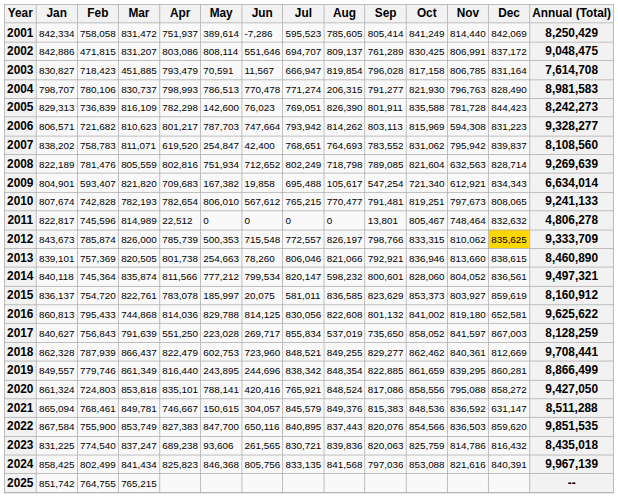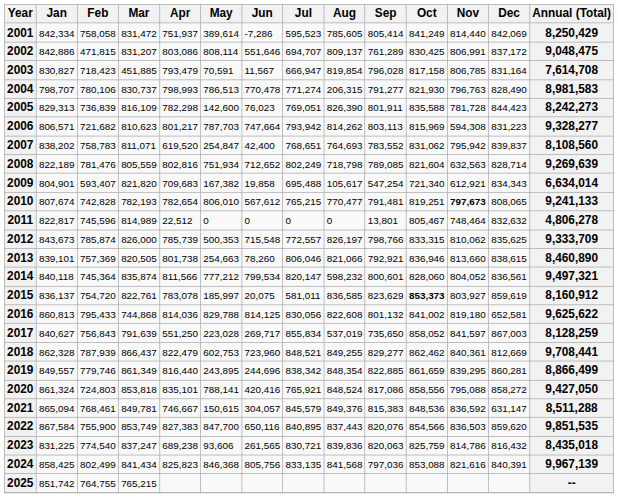 <table class="wikitable">
 <tr>
 <th>Year</th>
 <th>Jan</th>
 <th>Feb</th>
 <th>Mar</th>
 <th>Apr</th>
 <th>May</th>
 <th>Jun</th>
 <th>Jul</th>
 <th>Aug</th>
 <th>Sep</th>
 <th>Oct</th>
 <th>Nov</th>
 <th>Dec</th>
 <th>Annual (Total)</th>
 </tr>
 <tr>
 <th>2001</th>
 <td><small>842,334</small></td>
 <td><small>758,058</small></td>
 <td><small>831,472</small></td>
 <td><small>751,937</small></td>
 <td><small>389,614</small></td>
 <td><small>-7,286</small></td>
 <td><small>595,523</small></td>
 <td><small>785,605</small></td>
 <td><small>805,414</small></td>
 <td><small>841,249</small></td>
 <td><small>814,440</small></td>
 <td><small>842,069</small></td>
 <th>8,250,429</th>
 </tr>
 <tr>
 <th>2002</th>
 <td><small>842,886</small></td>
 <td><small>471,815</small></td>
 <td><small>831,207</small></td>
 <td><small>803,086</small></td>
 <td><small>808,114</small></td>
 <td><small>551,646</small></td>
 <td><small>694,707</small></td>
 <td><small>809,137</small></td>
 <td><small>761,289</small></td>
 <td><small>830,425</small></td>
 <td><small>806,991</small></td>
 <td><small>837,172</small></td>
 <th>9,048,475</th>
 </tr>
 <tr>
 <th>2003</th>
 <td><small>830,827</small></td>
 <td><small>718,423</small></td>
 <td><small>451,885</small></td>
 <td><small>793,479</small></td>
 <td><small>70,591</small></td>
 <td><small>11,567</small></td>
 <td><small>666,947</small></td>
 <td><small>819,854</small></td>
 <td><small>796,028</small></td>
 <td><small>817,158</small></td>
 <td><small>806,785</small></td>
 <td><small>831,164</small></td>
 <th>7,614,708</th>
 </tr>
 <tr>
 <th>2004</th>
 <td><small>798,707</small></td>
 <td><small>780,106</small></td>
 <td><small>830,737</small></td>
 <td><small>798,993</small></td>
 <td><small>786,513</small></td>
 <td><small>770,478</small></td>
 <td><small>771,274</small></td>
 <td><small>206,315</small></td>
 <td><small>791,277</small></td>
 <td><small>821,930</small></td>
 <td><small>796,763</small></td>
 <td><small>828,490</small></td>
 <th>8,981,583</th>
 </tr>
 <tr>
 <th>2005</th>
 <td><small>829,313</small></td>
 <td><small>736,839</small></td>
 <td><small>816,109</small></td>
 <td><small>782,298</small></td>
 <td><small>142,600</small></td>
 <td><small>76,023</small></td>
 <td><small>769,051</small></td>
 <td><small>826,390</small></td>
 <td><small>801,911</small></td>
 <td><small>835,588</small></td>
 <td><small>781,728</small></td>
 <td><small>844,423</small></td>
 <th>8,242,273</th>
 </tr>
 <tr>
 <th>2006</th>
 <td><small>806,571</small></td>
 <td><small>721,682</small></td>
 <td><small>810,623</small></td>
 <td><small>801,217</small></td>
 <td><small>787,703</small></td>
 <td><small>747,664</small></td>
 <td><small>793,942</small></td>
 <td><small>814,262</small></td>
 <td><small>803,113</small></td>
 <td><small>815,969</small></td>
 <td><small>594,308</small></td>
 <td><small>831,223</small></td>
 <th>9,328,277</th>
 </tr>
 <tr>
 <th>2007</th>
 <td><small>838,202</small></td>
 <td><small>758,783</small></td>
 <td><small>811,071</small></td>
 <td><small>619,520</small></td>
 <td><small>254,847</small></td>
 <td><small>42,400</small></td>
 <td><small>768,651</small></td>
 <td><small>764,693</small></td>
 <td><small>783,552</small></td>
 <td><small>831,062</small></td>
 <td><small>795,942</small></td>
 <td><small>839,837</small></td>
 <th>8,108,560</th>
 </tr>
 <tr>
 <th>2008</th>
 <td><small>822,189</small></td>
 <td><small>781,476</small></td>
 <td><small>805,559</small></td>
 <td><small>802,816</small></td>
 <td><small>751,934</small></td>
 <td><small>712,652</small></td>
 <td><small>802,249</small></td>
 <td><small>718,798</small></td>
 <td><small>789,085</small></td>
 <td><small>821,604</small></td>
 <td><small>632,563</small></td>
 <td><small>828,714</small></td>
 <th>9,269,639</th>
 </tr>
 <tr>
 <th>2009</th>
 <td><small>804,901</small></td>
 <td><small>593,407</small></td>
 <td><small>821,820</small></td>
 <td><small>709,683</small></td>
 <td><small>167,382</small></td>
 <td><small>19,858</small></td>
 <td><small>695,488</small></td>
 <td><small>105,617</small></td>
 <td><small>547,254</small></td>
 <td><small>721,340</small></td>
 <td><small>612,921</small></td>
 <td><small>834,343</small></td>
 <th>6,634,014</th>
 </tr>
 <tr>
 <th>2010</th>
 <td><small>807,674</small></td>
 <td><small>742,828</small></td>
 <td><small>782,193</small></td>
 <td><small>782,654</small></td>
 <td><small>806,010</small></td>
 <td><small>567,612</small></td>
 <td><small>765,215</small></td>
 <td><small>770,477</small></td>
 <td><small>791,481</small></td>
 <td><small>819,251</small></td>
-<td><small>797,673</small></td>
+<td><strong><small>797,673</small></strong></td>
 <td><small>808,065</small></td>
 <th>9,241,133</th>
 </tr>
 <tr>
 <th>2011</th>
 <td><small>822,817</small></td>
 <td><small>745,596</small></td>
 <td><small>814,989</small></td>
 <td><small>22,512</small></td>
 <td><small>0</small></td>
 <td><small>0</small></td>
 <td><small>0</small></td>
 <td><small>0</small></td>
 <td><small>13,801</small></td>
 <td><small>805,467</small></td>
 <td><small>748,464</small></td>
 <td><small>832,632</small></td>
 <th>4,806,278</th>
 </tr>
 <tr>
 <th>2012</th>
 <td><small>843,673</small></td>
 <td><small>785,874</small></td>
 <td><small>826,000</small></td>
 <td><small>785,739</small></td>
 <td><small>500,353</small></td>
 <td><small>715,548</small></td>
 <td><small>772,557</small></td>
 <td><small>826,197</small></td>
 <td><small>798,766</small></td>
 <td><small>833,315</small></td>
 <td><small>810,062</small></td>
-<td style="background: gold;"><small>835,625</small></td>
+<td><small>835,625</small></td>
 <th>9,333,709</th>
 </tr>
 <tr>
 <th>2013</th>
 <td><small>839,101</small></td>
 <td><small>757,369</small></td>
 <td><small>820,505</small></td>
 <td><small>801,738</small></td>
 <td><small>254,663</small></td>
 <td><small>78,260</small></td>
 <td><small>806,046</small></td>
 <td><small>821,066</small></td>
 <td><small>792,921</small></td>
 <td><small>836,946</small></td>
 <td><small>813,660</small></td>
 <td><small>838,615</small></td>
 <th>8,460,890</th>
 </tr>
 <tr>
 <th>2014</th>
 <td><small>840,118</small></td>
 <td><small>745,364</small></td>
 <td><small>835,874</small></td>
 <td><small>811,566</small></td>
 <td><small>777,212</small></td>
 <td><small>799,534</small></td>
 <td><small>820,147</small></td>
 <td><small>598,232</small></td>
 <td><small>800,601</small></td>
 <td><small>828,060</small></td>
 <td><small>804,052</small></td>
 <td><small>836,561</small></td>
 <th>9,497,321</th>
 </tr>
 <tr>
 <th>2015</th>
 <td><small>836,137</small></td>
 <td><small>754,720</small></td>
 <td><small>822,761</small></td>
 <td><small>783,078</small></td>
 <td><small>185,997</small></td>
 <td><small>20,075</small></td>
 <td><small>581,011</small></td>
 <td><small>836,585</small></td>
 <td><small>823,629</small></td>
-<td><small>853,373</small></td>
+<td><strong><small>853,373</small></strong></td>
 <td><small>803,927</small></td>
 <td><small>859,619</small></td>
 <th>8,160,912</th>
 </tr>
 <tr>
 <th>2016</th>
 <td><small>860,813</small></td>
 <td><small>795,433</small></td>
 <td><small>744,868</small></td>
 <td><small>814,036</small></td>
 <td><small>829,788</small></td>
 <td><small>814,125</small></td>
 <td><small>830,056</small></td>
 <td><small>822,608</small></td>
 <td><small>801,132</small></td>
 <td><small>841,002</small></td>
 <td><small>819,180</small></td>
 <td><small>652,581</small></td>
 <th>9,625,622</th>
 </tr>
 <tr>
 <th>2017</th>
 <td><small>840,627</small></td>
 <td><small>756,843</small></td>
 <td><small>791,639</small></td>
 <td><small>551,250</small></td>
 <td><small>223,028</small></td>
 <td><small>269,717</small></td>
 <td><small>855,834</small></td>
 <td><small>537,019</small></td>
 <td><small>735,650</small></td>
 <td><small>858,052</small></td>
 <td><small>841,597</small></td>
 <td><small>867,003</small></td>
 <th>8,128,259</th>
 </tr>
 <tr>
 <th>2018</th>
 <td><small>862,328</small></td>
 <td><small>787,939</small></td>
 <td><small>866,437</small></td>
 <td><small>822,479</small></td>
 <td><small>602,753</small></td>
 <td><small>723,960</small></td>
 <td><small>848,521</small></td>
 <td><small>849,255</small></td>
 <td><small>829,277</small></td>
 <td><small>862,462</small></td>
 <td><small>840,361</small></td>
 <td><small>812,669</small></td>
 <th>9,708,441</th>
 </tr>
 <tr>
 <th>2019</th>
 <td><small>849,557</small></td>
 <td><small>779,746</small></td>
 <td><small>861,349</small></td>
 <td><small>816,440</small></td>
 <td><small>243,895</small></td>
 <td><small>244,696</small></td>
 <td><small>838,342</small></td>
 <td><small>848,354</small></td>
 <td><small>822,885</small></td>
 <td><small>861,659</small></td>
 <td><small>839,295</small></td>
 <td><small>860,281</small></td>
 <th>8,866,499</th>
 </tr>
 <tr>
 <th>2020</th>
 <td><small>861,324</small></td>
 <td><small>724,803</small></td>
 <td><small>853,818</small></td>
 <td><small>835,101</small></td>
 <td><small>788,141</small></td>
 <td><small>420,416</small></td>
 <td><small>765,921</small></td>
 <td><small>848,524</small></td>
 <td><small>817,086</small></td>
 <td><small>858,556</small></td>
 <td><small>795,088</small></td>
 <td><small>858,272</small></td>
 <th>9,427,050</th>
 </tr>
 <tr>
 <th>2021</th>
 <td><small>865,094</small></td>
 <td><small>768,461</small></td>
 <td><small>849,781</small></td>
 <td><small>746,667</small></td>
 <td><small>150,615</small></td>
 <td><small>304,057</small></td>
 <td><small>845,579</small></td>
 <td><small>849,376</small></td>
 <td><small>815,383</small></td>
 <td><small>848,536</small></td>
 <td><small>836,592</small></td>
 <td><small>631,147</small></td>
 <th>8,511,288</th>
 </tr>
 <tr>
 <th>2022</th>
 <td><small>867,584</small></td>
 <td><small>755,900</small></td>
 <td><small>853,749</small></td>
 <td><small>827,383</small></td>
 <td><small>847,700</small></td>
 <td><small>650,116</small></td>
 <td><small>840,895</small></td>
 <td><small>837,443</small></td>
 <td><small>820,076</small></td>
 <td><small>854,566</small></td>
 <td><small>836,503</small></td>
 <td><small>859,620</small></td>
 <th>9,851,535</th>
 </tr>
 <tr>
 <th>2023</th>
 <td><small>831,225</small></td>
 <td><small>774,540</small></td>
 <td><small>837,247</small></td>
 <td><small>689,238</small></td>
 <td><small>93,606</small></td>
 <td><small>261,565</small></td>
 <td><small>830,721</small></td>
 <td><small>839,836</small></td>
 <td><small>820,063</small></td>
 <td><small>825,759</small></td>
 <td><small>814,786</small></td>
 <td><small>816,432</small></td>
 <th>8,435,018</th>
 </tr>
 <tr>
 <th>2024</th>
 <td><small>858,425</small></td>
 <td><small>802,499</small></td>
 <td><small>841,434</small></td>
 <td><small>825,823</small></td>
 <td><small>846,368</small></td>
 <td><small>805,756</small></td>
 <td><small>833,135</small></td>
 <td><small>841,568</small></td>
 <td><small>797,036</small></td>
 <td><small>853,088</small></td>
 <td><small>821,616</small></td>
 <td><small>840,391</small></td>
 <th>9,967,139</th>
 </tr>
 <tr>
 <th>2025</th>
 <td><small>851,742</small></td>
 <td><small>764,755</small></td>
 <td><small>765,215</small></td>
 <td><small></small></td>
 <td><small></small></td>
 <td><small></small></td>
 <td><small></small></td>
 <td><small></small></td>
 <td><small></small></td>
 <td><small></small></td>
 <td><small></small></td>
 <td><small></small></td>
 <th>--</th>
 </tr>
 <tr>
 </tr>
 </table>
